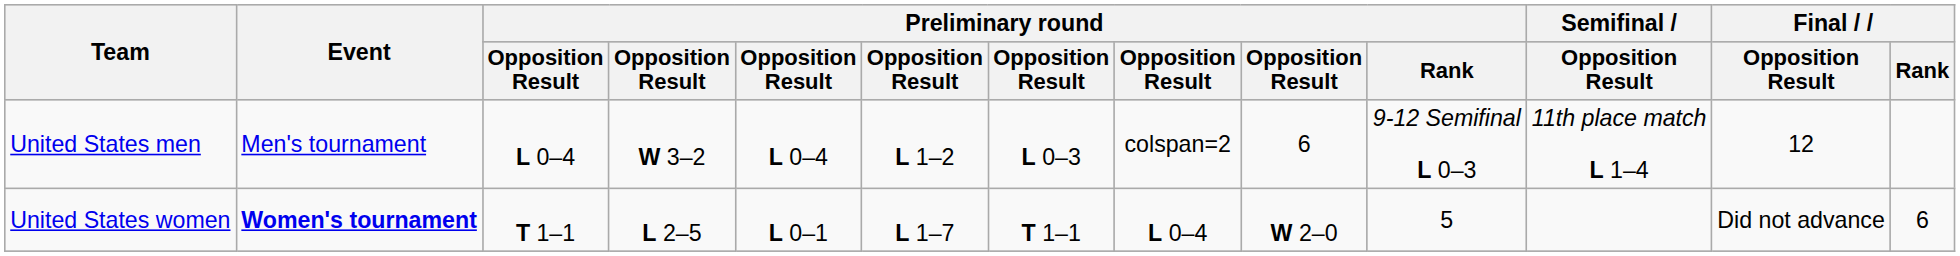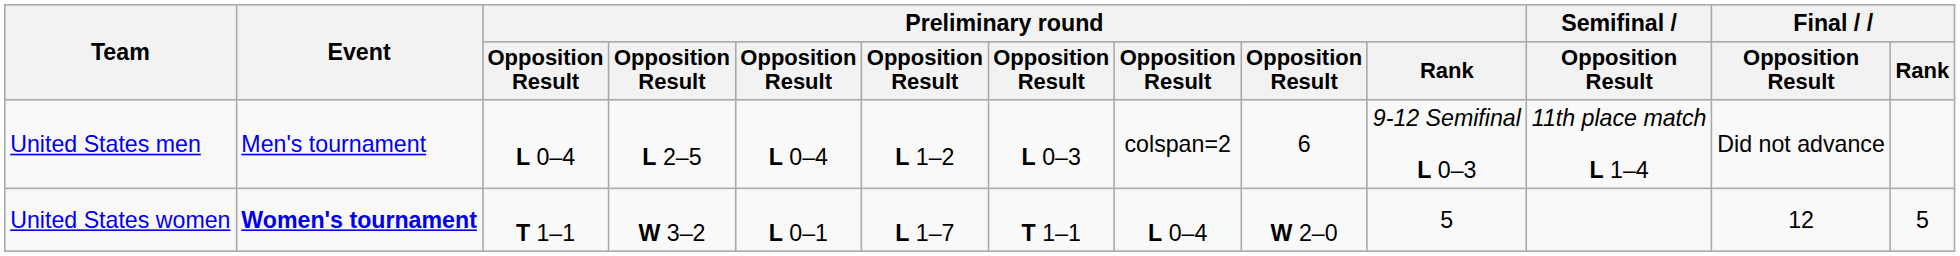 <table class=wikitable style=font-size:90%;text-align:center>
 <tr>
 <th rowspan=2>Team</th>
 <th rowspan=2>Event</th>
 <th colspan=8>Preliminary round</th>
 <th>Semifinal / </th>
 <th colspan=2>Final /  / </th>
 </tr>
 <tr style=font-size:95%>
 <th>Opposition<br>Result</th>
 <th>Opposition<br>Result</th>
 <th>Opposition<br>Result</th>
 <th>Opposition<br>Result</th>
 <th>Opposition<br>Result</th>
 <th>Opposition<br>Result</th>
 <th>Opposition<br>Result</th>
 <th>Rank</th>
 <th>Opposition<br>Result</th>
 <th>Opposition<br>Result</th>
 <th>Rank</th>
 </tr>
 <tr>
 <td align=left><a href='#'>United States men</a></td>
 <td align=left><a href='#'>Men's tournament</a></td>
 <td><br><strong>L</strong> 0–4</td>
-<td><br><strong>W</strong> 3–2</td>
+<td><br><strong>L</strong> 2–5</td>
 <td><br><strong>L</strong> 0–4</td>
 <td><br><strong>L</strong> 1–2</td>
 <td><br><strong>L</strong> 0–3</td>
 <td>colspan=2 </td>
 <td>6</td>
 <td><em>9-12 Semifinal</em><br><br><strong>L</strong> 0–3</td>
 <td><em>11th place match</em><br><br><strong>L</strong> 1–4</td>
-<td>12</td>
+<td>Did not advance</td>
 </tr>
 <tr>
 <td align=left><a href='#'>United States women</a></td>
 <td align=left><strong><a href='#'>Women's tournament</a></strong></td>
 <td><br><strong>T</strong> 1–1</td>
-<td><br><strong>L</strong> 2–5</td>
+<td><br><strong>W</strong> 3–2</td>
 <td><br><strong>L</strong> 0–1</td>
 <td><br><strong>L</strong> 1–7</td>
 <td><br><strong>T</strong> 1–1</td>
 <td><br><strong>L</strong> 0–4</td>
 <td><br><strong>W</strong> 2–0</td>
 <td>5</td>
 <td></td>
-<td>Did not advance</td>
-<td>6</td>
+<td>12</td>
+<td>5</td>
 </tr>
 </table>
